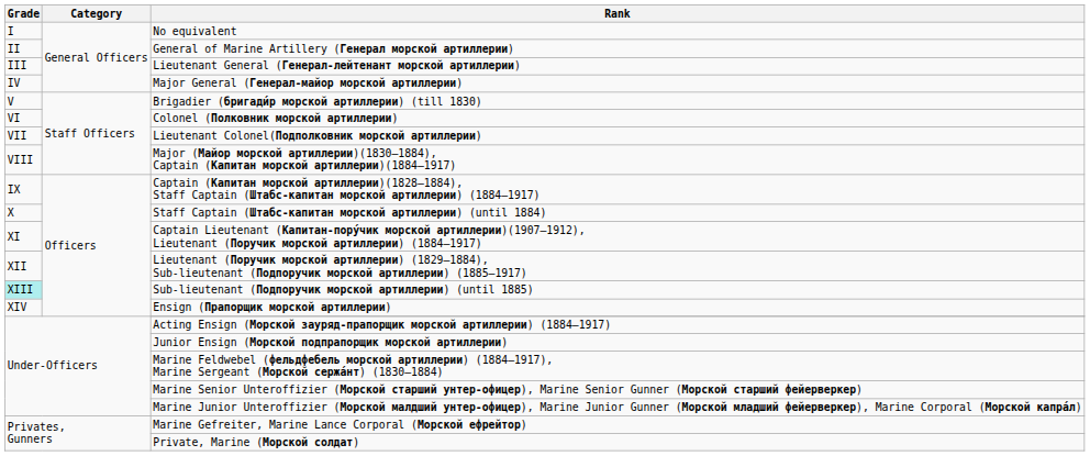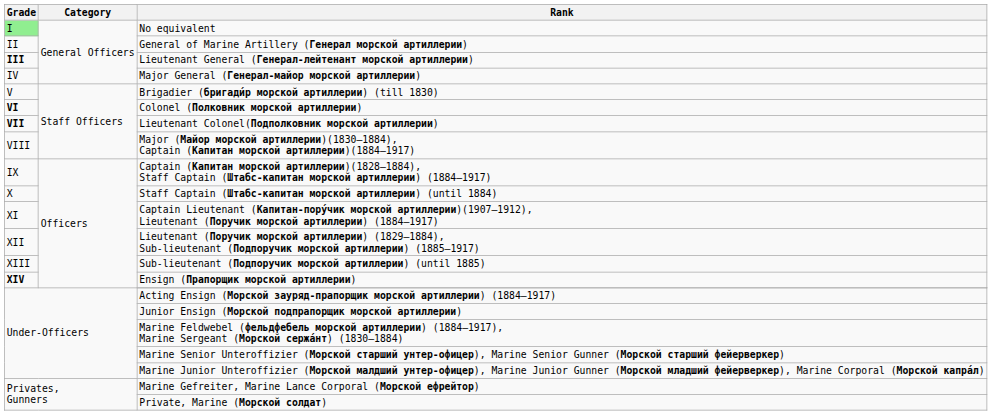 <table class="wikitable">
 <tr>
 <th>Grade</th>
 <th>Category</th>
 <th>Rank</th>
 </tr>
 <tr>
-<td>I</td>
+<td style="background: lightgreen;">I</td>
 <td rowspan="4">General Officers</td>
 <td>No equivalent</td>
 </tr>
 <tr>
 <td>II</td>
 <td>General of Marine Artillery (<strong>Генерал морской артиллерии</strong>)</td>
 </tr>
 <tr>
-<td>III</td>
+<td><strong>III</strong></td>
 <td>Lieutenant General (<strong>Генерал-лейтенант морской артиллерии</strong>)</td>
 </tr>
 <tr>
 <td>IV</td>
 <td>Major General (<strong>Генерал-майор морской артиллерии</strong>)</td>
 </tr>
 <tr>
 <td>V</td>
 <td rowspan="4">Staff Officers</td>
 <td>Brigadier (<strong>бригади́р морской артиллерии</strong>) (till 1830)</td>
 </tr>
 <tr>
-<td>VI</td>
+<td><strong>VI</strong></td>
 <td>Colonel (<strong>Полковник морской артиллерии</strong>)</td>
 </tr>
 <tr>
-<td>VII</td>
+<td><strong>VII</strong></td>
 <td>Lieutenant Colonel(<strong>Подполковник морской артиллерии</strong>)</td>
 </tr>
 <tr>
 <td>VIII</td>
 <td>Major (<strong>Майор морской артиллерии</strong>)(1830–1884),<br> Captain (<strong>Капитан морской артиллерии</strong>)(1884–1917)</td>
 </tr>
 <tr>
 <td>IX</td>
 <td rowspan="6">Officers</td>
 <td>Captain (<strong>Капитан морской артиллерии</strong>)(1828–1884),<br> Staff Captain (<strong>Штабс-капитан морской артиллерии</strong>) (1884–1917)</td>
 </tr>
 <tr>
 <td>X</td>
 <td>Staff Captain (<strong>Штабс-капитан морской артиллерии</strong>) (until 1884)</td>
 </tr>
 <tr>
 <td>XI</td>
 <td>Captain Lieutenant (<strong>Капитан-пору́чик морской артиллерии</strong>)(1907–1912),<br> Lieutenant (<strong>Поручик морской артиллерии</strong>) (1884–1917)</td>
 </tr>
 <tr>
 <td>XII</td>
 <td>Lieutenant (<strong>Поручик морской артиллерии</strong>) (1829–1884),<br> Sub-lieutenant (<strong>Подпоручик морской артиллерии</strong>) (1885–1917)</td>
 </tr>
 <tr>
-<td style="background: paleturquoise;">XIII</td>
+<td>XIII</td>
 <td>Sub-lieutenant (<strong>Подпоручик морской артиллерии</strong>) (until 1885)</td>
 </tr>
 <tr>
-<td>XIV</td>
+<td><strong>XIV</strong></td>
 <td>Ensign (<strong>Прапорщик морской артиллерии</strong>)</td>
 </tr>
 <tr>
 <td rowspan="6" colspan="2">Under-Officers</td>
 </tr>
 <tr>
 <td>Acting Ensign (<strong>Морской зауряд-прапорщик морской артиллерии</strong>) (1884–1917)</td>
 </tr>
 <tr>
 <td>Junior Ensign (<strong>Морской подпрапорщик морской артиллерии</strong>)</td>
 </tr>
 <tr>
 <td>Marine Feldwebel (<strong>фельдфебель морской артиллерии</strong>) (1884–1917),<br> Marine Sergeant (<strong>Морской сержа́нт</strong>) (1830–1884)</td>
 </tr>
 <tr>
 <td>Marine Senior Unteroffizier (<strong>Морской старший унтер-офицер</strong>), Marine Senior Gunner (<strong>Морской старший фейерверкер</strong>)</td>
 </tr>
 <tr>
 <td>Marine Junior Unteroffizier (<strong>Морской малдший унтер-офицер</strong>), Marine Junior Gunner (<strong>Морской младший фейерверкер</strong>), Marine Corporal (<strong>Морской капра́л</strong>)</td>
 </tr>
 <tr>
 <td rowspan="2" colspan="2">Privates,<br> Gunners</td>
 <td>Marine Gefreiter, Marine Lance Corporal (<strong>Морской ефрейтор</strong>)</td>
 </tr>
 <tr>
 <td>Private, Marine (<strong>Морской солдат</strong>)</td>
 </tr>
 </table>
